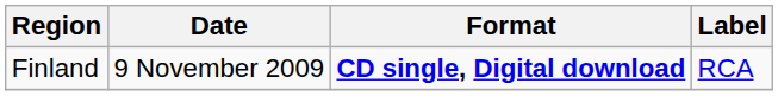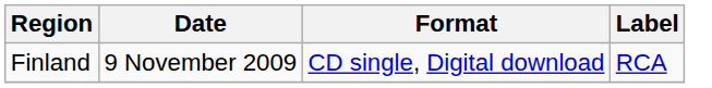 <table class=wikitable>
 <tr>
 <th>Region</th>
 <th>Date</th>
 <th>Format</th>
 <th>Label</th>
 </tr>
 <tr>
 <td>Finland</td>
 <td rowspan=1>9 November 2009</td>
-<td rowspan=1><strong><a href='#'>CD single</a>, <a href='#'>Digital download</a></strong></td>
+<td rowspan=1><a href='#'>CD single</a>, <a href='#'>Digital download</a></td>
 <td rowspan=1><a href='#'>RCA</a></td>
 </tr>
 <tr>
 </tr>
 </table>
